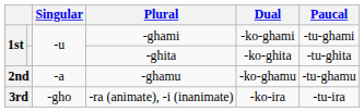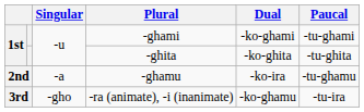 <table class="wikitable" style="text-align: center;">
 <tr>
 <th colspan="2"></th>
 <th><a href='#'>Singular</a></th>
 <th><a href='#'>Plural</a></th>
 <th><a href='#'>Dual</a></th>
 <th><a href='#'>Paucal</a></th>
 </tr>
 <tr>
 <th rowspan="2">1st</th>
 <th></th>
 <td rowspan="2">-u</td>
 <td>-ghami</td>
 <td>-ko-ghami</td>
 <td>-tu-ghami</td>
 </tr>
 <tr>
 <th></th>
 <td>-ghita</td>
 <td>-ko-ghita</td>
 <td>-tu-ghita</td>
 </tr>
 <tr>
 <th colspan="2">2nd</th>
 <td>-a</td>
 <td>-ghamu</td>
-<td>-ko-ghamu</td>
+<td>-ko-ira</td>
 <td>-tu-ghamu</td>
 </tr>
 <tr>
 <th colspan="2">3rd</th>
 <td>-gho</td>
 <td>-ra (animate), -i (inanimate)</td>
-<td>-ko-ira</td>
+<td>-ko-ghamu</td>
 <td>-tu-ira</td>
 </tr>
 </table>
